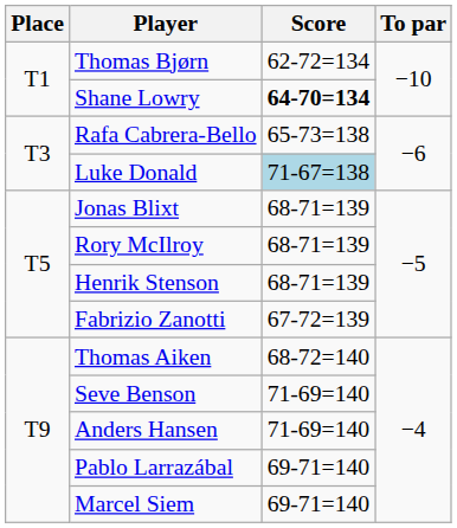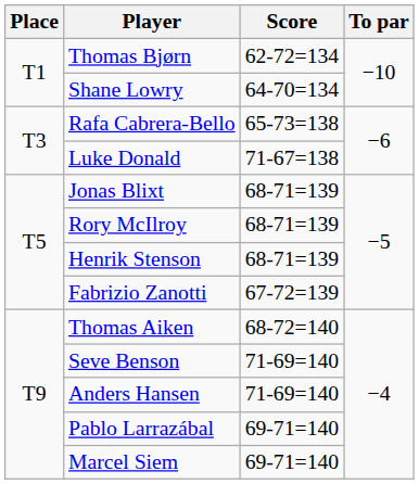 <table class="wikitable">
 <tr>
 <th>Place</th>
 <th>Player</th>
 <th>Score</th>
 <th>To par</th>
 </tr>
 <tr>
 <td align=center rowspan=2>T1</td>
 <td> <a href='#'>Thomas Bjørn</a></td>
 <td>62-72=134</td>
 <td align=center rowspan=2>−10</td>
 </tr>
 <tr>
 <td> <a href='#'>Shane Lowry</a></td>
-<td><strong>64-70=134</strong></td>
+<td>64-70=134</td>
 </tr>
 <tr>
 <td align=center rowspan=2>T3</td>
 <td> <a href='#'>Rafa Cabrera-Bello</a></td>
 <td>65-73=138</td>
 <td align=center rowspan=2>−6</td>
 </tr>
 <tr>
 <td> <a href='#'>Luke Donald</a></td>
-<td style="background: lightblue;">71-67=138</td>
+<td>71-67=138</td>
 </tr>
 <tr>
 <td align=center rowspan=4>T5</td>
 <td> <a href='#'>Jonas Blixt</a></td>
 <td>68-71=139</td>
 <td align=center rowspan=4>−5</td>
 </tr>
 <tr>
 <td> <a href='#'>Rory McIlroy</a></td>
 <td>68-71=139</td>
 </tr>
 <tr>
 <td> <a href='#'>Henrik Stenson</a></td>
 <td>68-71=139</td>
 </tr>
 <tr>
 <td> <a href='#'>Fabrizio Zanotti</a></td>
 <td>67-72=139</td>
 </tr>
 <tr>
 <td align=center rowspan=5>T9</td>
 <td> <a href='#'>Thomas Aiken</a></td>
 <td>68-72=140</td>
 <td align=center rowspan=5>−4</td>
 </tr>
 <tr>
 <td> <a href='#'>Seve Benson</a></td>
 <td>71-69=140</td>
 </tr>
 <tr>
 <td> <a href='#'>Anders Hansen</a></td>
 <td>71-69=140</td>
 </tr>
 <tr>
 <td> <a href='#'>Pablo Larrazábal</a></td>
 <td>69-71=140</td>
 </tr>
 <tr>
 <td> <a href='#'>Marcel Siem</a></td>
 <td>69-71=140</td>
 </tr>
 </table>
